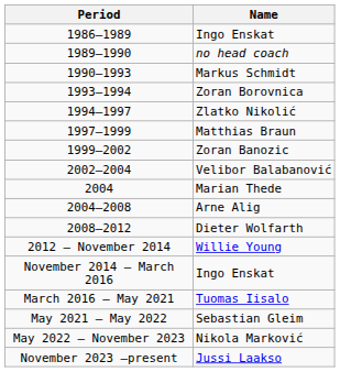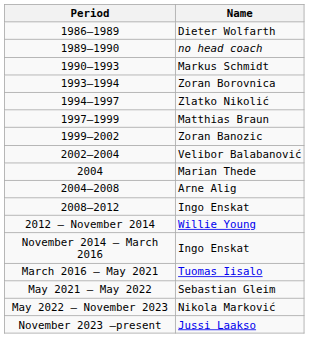 <table class="wikitable" style="border: gray solid 1px;">
 <tr>
 <th width="200">Period</th>
 <th>Name</th>
 </tr>
 <tr>
 <td align="center">1986–1989</td>
-<td align="left"> Ingo Enskat</td>
+<td align="left"> Dieter Wolfarth</td>
 </tr>
 <tr>
 <td align="center">1989–1990</td>
 <td align="left"><em>no head coach</em></td>
 </tr>
 <tr>
 <td align="center">1990–1993</td>
 <td align="left"> Markus Schmidt</td>
 </tr>
 <tr>
 <td align="center">1993–1994</td>
 <td align="left"> Zoran Borovnica</td>
 </tr>
 <tr>
 <td align="center">1994–1997</td>
 <td align="left"> Zlatko Nikolić</td>
 </tr>
 <tr>
 <td align="center">1997–1999</td>
 <td align="left"> Matthias Braun</td>
 </tr>
 <tr>
 <td align="center">1999–2002</td>
 <td align="left"> Zoran Banozic</td>
 </tr>
 <tr>
 <td align="center">2002–2004</td>
 <td align="left"> Velibor Balabanović</td>
 </tr>
 <tr>
 <td align="center">2004</td>
 <td align="left"> Marian Thede</td>
 </tr>
 <tr>
 <td align="center">2004–2008</td>
 <td align="left"> Arne Alig</td>
 </tr>
 <tr>
 <td align="center">2008–2012</td>
-<td align="left"> Dieter Wolfarth</td>
+<td align="left"> Ingo Enskat</td>
 </tr>
 <tr>
 <td align="center">2012 – November 2014</td>
 <td align="left"> <a href='#'>Willie Young</a></td>
 </tr>
 <tr>
 <td align="center">November 2014 – March 2016</td>
 <td align="left"> Ingo Enskat</td>
 </tr>
 <tr>
 <td align="center">March 2016 – May 2021</td>
 <td align="left"> <a href='#'>Tuomas Iisalo</a></td>
 </tr>
 <tr>
 <td align="center">May 2021 – May 2022</td>
 <td align="left"> Sebastian Gleim</td>
 </tr>
 <tr>
 <td align="center">May 2022 – November 2023</td>
 <td align="left"> Nikola Marković</td>
 </tr>
 <tr>
 <td align="center">November 2023 –present</td>
 <td align="left"> <a href='#'>Jussi Laakso</a></td>
 </tr>
 </table>
